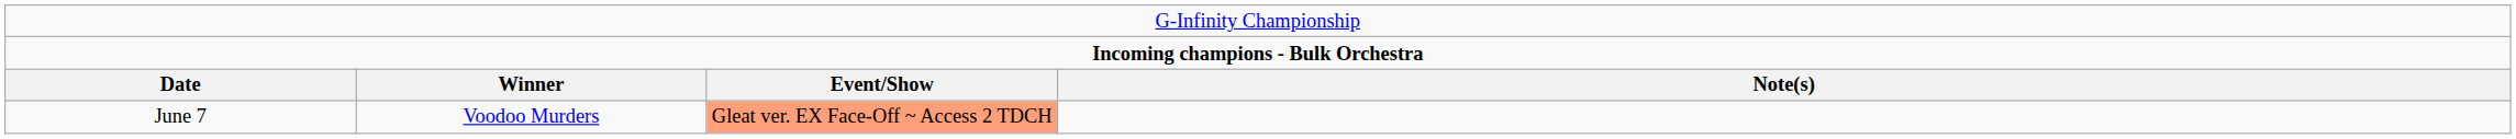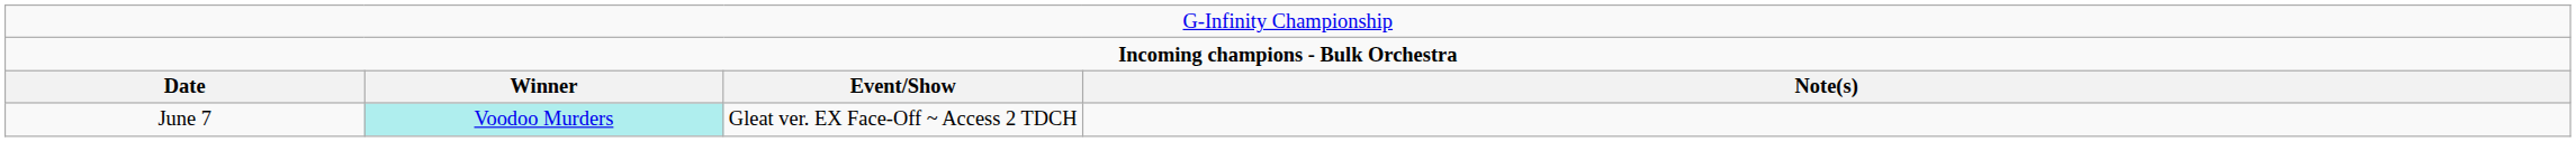 <table class="wikitable" style="text-align:center; width:100%;">
 <tr>
 <td colspan="5" style="text-align: center;"><a href='#'>G-Infinity Championship</a></td>
 </tr>
 <tr>
 <td colspan="5" style="text-align: center;"><strong>Incoming champions - Bulk Orchestra </strong></td>
 </tr>
 <tr>
 <th width=14%>Date</th>
 <th width=14%>Winner</th>
 <th width=14%>Event/Show</th>
 <th width=58%>Note(s)</th>
 </tr>
 <tr>
 <td>June 7</td>
-<td><a href='#'>Voodoo Murders</a><br></td>
-<td style="background: lightsalmon;">Gleat ver. EX Face-Off ~ Access 2 TDCH</td>
+<td style="background: paleturquoise;"><a href='#'>Voodoo Murders</a><br></td>
+<td>Gleat ver. EX Face-Off ~ Access 2 TDCH</td>
 <td></td>
 </tr>
 </table>
